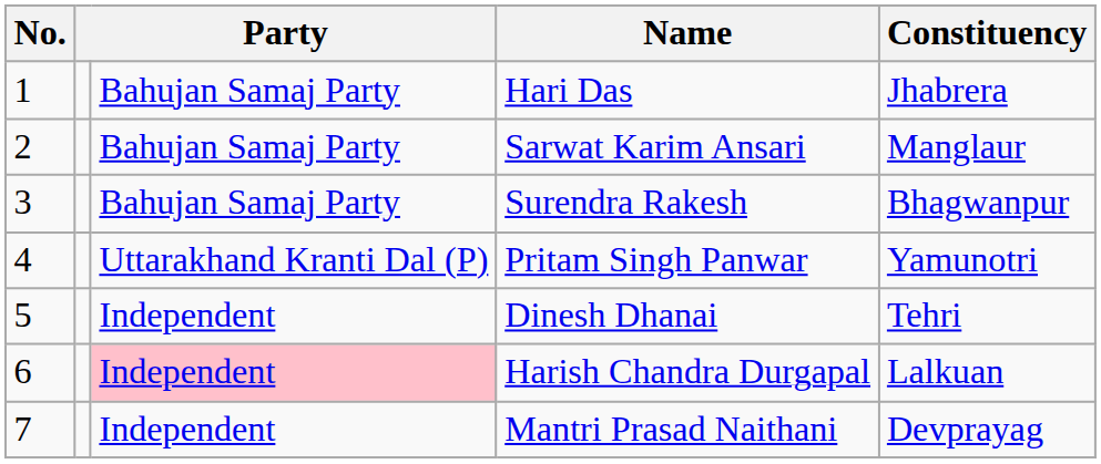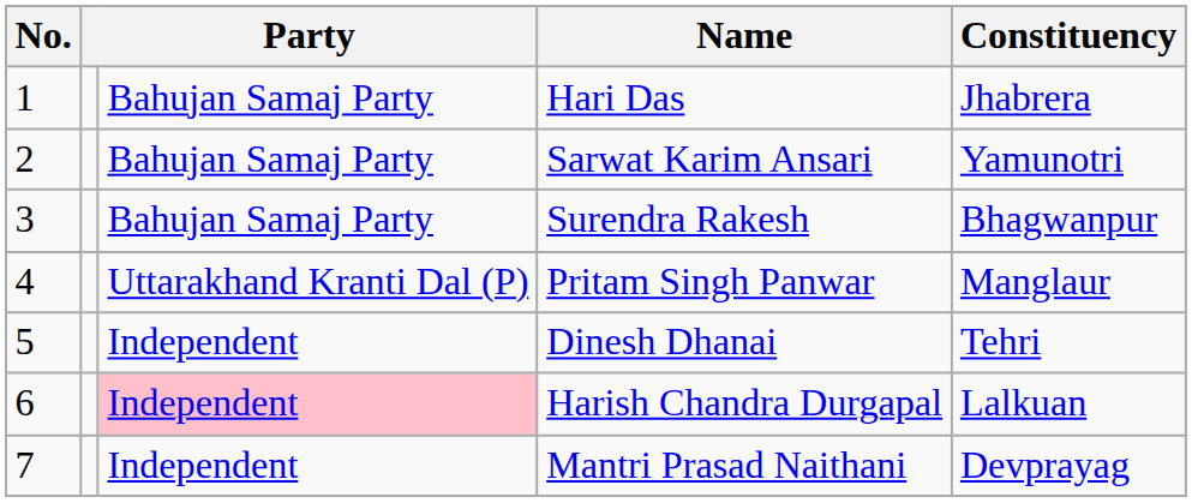 <table class="wikitable sortable">
 <tr>
 <th>No.</th>
 <th colspan=2>Party</th>
 <th>Name</th>
 <th>Constituency</th>
 </tr>
 <tr>
 <td>1</td>
 <td></td>
 <td><a href='#'>Bahujan Samaj Party</a></td>
 <td><a href='#'>Hari Das</a></td>
 <td><a href='#'>Jhabrera</a></td>
 </tr>
 <tr>
 <td>2</td>
 <td></td>
 <td><a href='#'>Bahujan Samaj Party</a></td>
 <td><a href='#'>Sarwat Karim Ansari</a></td>
-<td><a href='#'>Manglaur</a></td>
+<td><a href='#'>Yamunotri</a></td>
 </tr>
 <tr>
 <td>3</td>
 <td></td>
 <td><a href='#'>Bahujan Samaj Party</a></td>
 <td><a href='#'>Surendra Rakesh</a></td>
 <td><a href='#'>Bhagwanpur</a></td>
 </tr>
 <tr>
 <td>4</td>
 <td></td>
 <td><a href='#'>Uttarakhand Kranti Dal (P)</a></td>
 <td><a href='#'>Pritam Singh Panwar</a></td>
-<td><a href='#'>Yamunotri</a></td>
+<td><a href='#'>Manglaur</a></td>
 </tr>
 <tr>
 <td>5</td>
 <td></td>
 <td><a href='#'>Independent</a></td>
 <td><a href='#'>Dinesh Dhanai</a></td>
 <td><a href='#'>Tehri</a></td>
 </tr>
 <tr>
 <td>6</td>
 <td></td>
 <td style="background: pink;"><a href='#'>Independent</a></td>
 <td><a href='#'>Harish Chandra Durgapal</a></td>
 <td><a href='#'>Lalkuan</a></td>
 </tr>
 <tr>
 <td>7</td>
 <td></td>
 <td><a href='#'>Independent</a></td>
 <td><a href='#'>Mantri Prasad Naithani</a></td>
 <td><a href='#'>Devprayag</a></td>
 </tr>
 </table>
